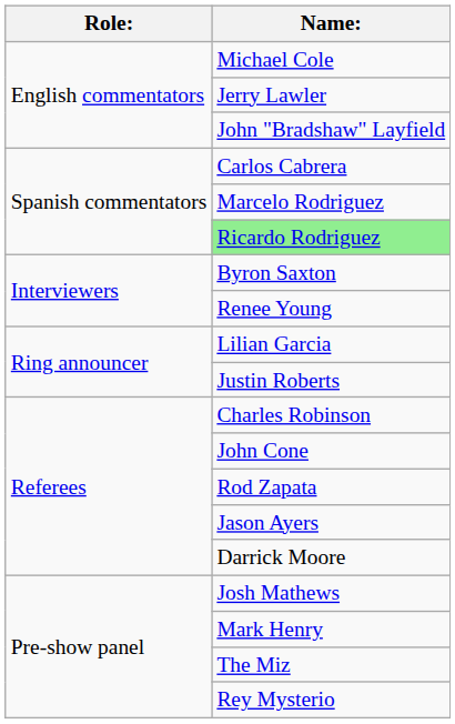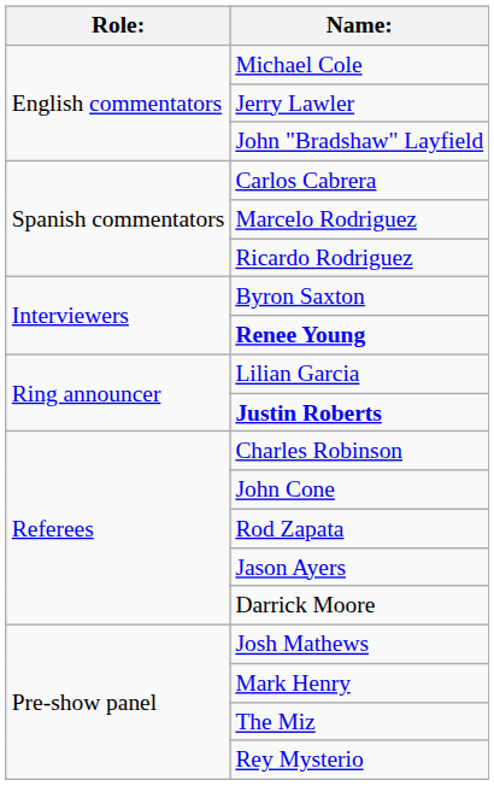 <table class=wikitable style="font-size:90%; margin: 0.5em 0 0.5em 1em; float: right; clear: right;">
 <tr>
 <th>Role:</th>
 <th>Name:</th>
 </tr>
 <tr>
 <td rowspan=3>English <a href='#'>commentators</a></td>
 <td><a href='#'>Michael Cole</a></td>
 </tr>
 <tr>
 <td><a href='#'>Jerry Lawler</a></td>
 </tr>
 <tr>
 <td><a href='#'>John "Bradshaw" Layfield</a></td>
 </tr>
 <tr>
 <td rowspan=3>Spanish commentators</td>
 <td><a href='#'>Carlos Cabrera</a></td>
 </tr>
 <tr>
 <td><a href='#'>Marcelo Rodriguez</a></td>
 </tr>
 <tr>
-<td style="background: lightgreen;"><a href='#'>Ricardo Rodriguez</a></td>
+<td><a href='#'>Ricardo Rodriguez</a></td>
 </tr>
 <tr>
 <td rowspan=2><a href='#'>Interviewers</a></td>
 <td><a href='#'>Byron Saxton</a></td>
 </tr>
 <tr>
-<td><a href='#'>Renee Young</a></td>
+<td><strong><a href='#'>Renee Young</a></strong></td>
 </tr>
 <tr>
 <td rowspan=2><a href='#'>Ring announcer</a></td>
 <td><a href='#'>Lilian Garcia</a> </td>
 </tr>
 <tr>
-<td><a href='#'>Justin Roberts</a> </td>
+<td><strong><a href='#'>Justin Roberts</a> </strong></td>
 </tr>
 <tr>
 <td rowspan=5><a href='#'>Referees</a></td>
 <td><a href='#'>Charles Robinson</a></td>
 </tr>
 <tr>
 <td><a href='#'>John Cone</a></td>
 </tr>
 <tr>
 <td><a href='#'>Rod Zapata</a></td>
 </tr>
 <tr>
 <td><a href='#'>Jason Ayers</a></td>
 </tr>
 <tr>
 <td>Darrick Moore</td>
 </tr>
 <tr>
 <td rowspan=4>Pre-show panel</td>
 <td><a href='#'>Josh Mathews</a></td>
 </tr>
 <tr>
 <td><a href='#'>Mark Henry</a></td>
 </tr>
 <tr>
 <td><a href='#'>The Miz</a></td>
 </tr>
 <tr>
 <td><a href='#'>Rey Mysterio</a></td>
 </tr>
 </table>
